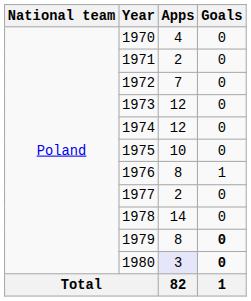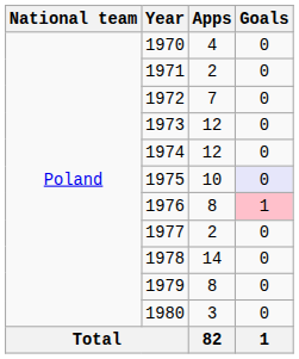 <table class="wikitable" style="text-align:center">
 <tr>
 <th>National team</th>
 <th>Year</th>
 <th>Apps</th>
 <th>Goals</th>
 </tr>
 <tr>
 <td rowspan="11"><a href='#'>Poland</a></td>
 <td>1970</td>
 <td>4</td>
 <td>0</td>
 </tr>
 <tr>
 <td>1971</td>
 <td>2</td>
 <td>0</td>
 </tr>
 <tr>
 <td>1972</td>
 <td>7</td>
 <td>0</td>
 </tr>
 <tr>
 <td>1973</td>
 <td>12</td>
 <td>0</td>
 </tr>
 <tr>
 <td>1974</td>
 <td>12</td>
 <td>0</td>
 </tr>
 <tr>
 <td>1975</td>
 <td>10</td>
-<td>0</td>
+<td style="background: lavender;">0</td>
 </tr>
 <tr>
 <td>1976</td>
 <td>8</td>
-<td>1</td>
+<td style="background: pink;">1</td>
 </tr>
 <tr>
 <td>1977</td>
 <td>2</td>
 <td>0</td>
 </tr>
 <tr>
 <td>1978</td>
 <td>14</td>
 <td>0</td>
 </tr>
 <tr>
 <td>1979</td>
 <td>8</td>
-<td><strong>0</strong></td>
+<td>0</td>
 </tr>
 <tr>
 <td>1980</td>
-<td style="background: lavender;">3</td>
-<td><strong>0</strong></td>
+<td>3</td>
+<td>0</td>
 </tr>
 <tr>
 <th colspan="2">Total</th>
 <th>82</th>
 <th>1</th>
 </tr>
 </table>
